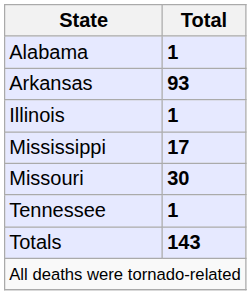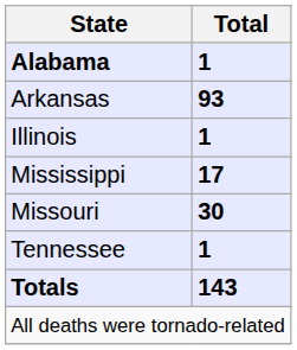 <table class="wikitable" style="margin:0 0 0.5em 1em;float:left;">
 <tr>
 <th><strong>State</strong></th>
 <th><strong>Total</strong></th>
 </tr>
 <tr>
-<td rowspan=1 bgcolor="#e6e9ff">Alabama</td>
+<td rowspan=1 bgcolor="#e6e9ff"><strong>Alabama</strong></td>
 <td rowspan=1 bgcolor="#e6e9ff"><strong>1</strong></td>
 </tr>
 <tr>
 <td rowspan=1 bgcolor="#e6e9ff">Arkansas</td>
 <td rowspan=1 bgcolor="#e6e9ff"><strong>93</strong></td>
 </tr>
 <tr>
 <td rowspan=1 bgcolor="#e6e9ff">Illinois</td>
 <td rowspan=1 bgcolor="#e6e9ff"><strong>1</strong></td>
 </tr>
 <tr>
 <td rowspan=1 bgcolor="#e6e9ff">Mississippi</td>
 <td rowspan=1 bgcolor="#e6e9ff"><strong>17</strong></td>
 </tr>
 <tr>
 <td rowspan=1 bgcolor="#e6e9ff">Missouri</td>
 <td rowspan=1 bgcolor="#e6e9ff"><strong>30</strong></td>
 </tr>
 <tr>
 <td rowspan=1 bgcolor="#e6e9ff">Tennessee</td>
 <td rowspan=1 bgcolor="#e6e9ff"><strong>1</strong></td>
 </tr>
 <tr>
-<td bgcolor="#e6e9ff">Totals</td>
+<td bgcolor="#e6e9ff"><strong>Totals</strong></td>
 <td bgcolor="#e6e9ff"><strong>143</strong></td>
 </tr>
 <tr>
 <td colspan=2 align=center><small>All deaths were tornado-related</small></td>
 </tr>
 <tr>
 </tr>
 </table>
